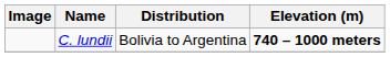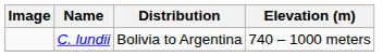 <table class="wikitable collapsible">
 <tr>
 <th>Image</th>
 <th>Name</th>
 <th>Distribution</th>
 <th>Elevation (m)</th>
 </tr>
 <tr>
 <td></td>
 <td><em><a href='#'>C. lundii</a></em></td>
 <td>Bolivia to Argentina</td>
-<td><strong>740 – 1000 meters</strong></td>
+<td>740 – 1000 meters</td>
 </tr>
 <tr>
 </tr>
 </table>
